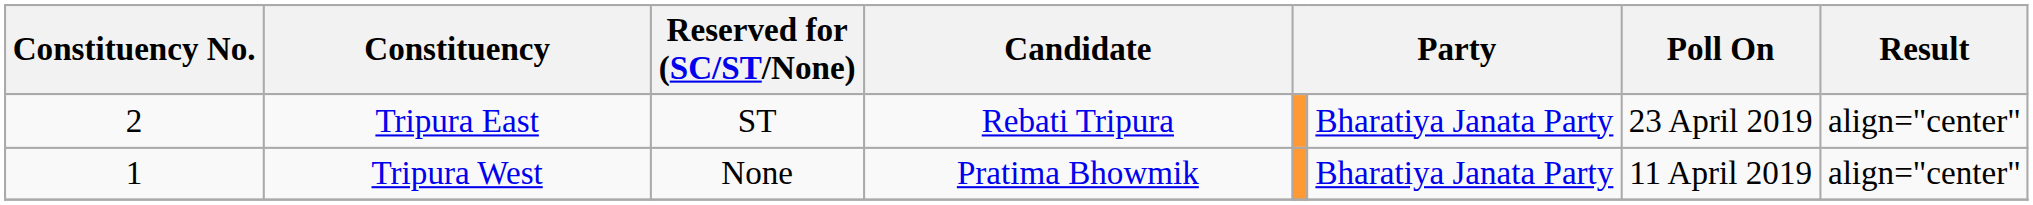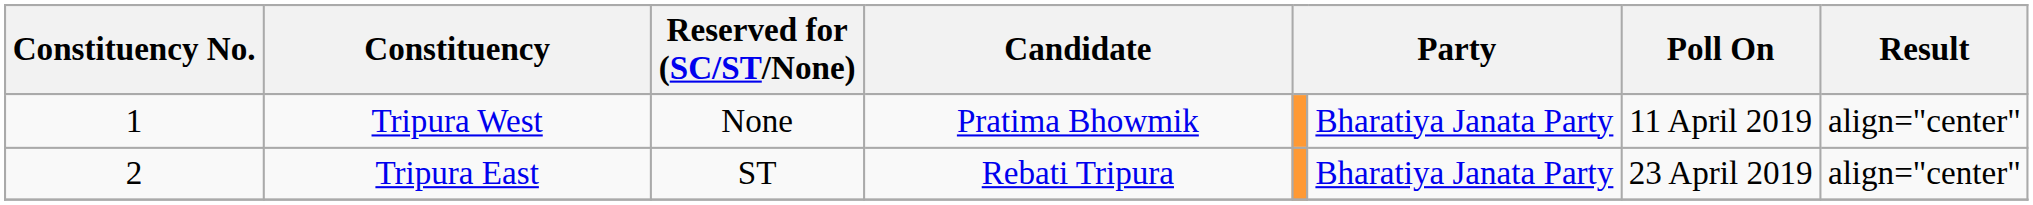 <table class="wikitable sortable" style="text-align:center;">
 <tr>
 <th>Constituency No.</th>
 <th style="width:180px;">Constituency</th>
 <th>Reserved for<br>(<a href='#'>SC/ST</a>/None)</th>
 <th style="width:200px;">Candidate</th>
 <th colspan="2">Party</th>
 <th>Poll On</th>
 <th>Result</th>
+</tr>
+<tr>
+<td align="center">1</td>
+<td><a href='#'>Tripura West</a></td>
+<td align="center">None</td>
+<td><a href='#'>Pratima Bhowmik</a></td>
+<td bgcolor=#FF9933></td>
+<td><a href='#'>Bharatiya Janata Party</a></td>
+<td align="center">11 April 2019</td>
+<td>align="center" </td>
 </tr>
 <tr>
 <td align="center">2</td>
 <td><a href='#'>Tripura East</a></td>
 <td align="center">ST</td>
 <td><a href='#'>Rebati Tripura</a></td>
 <td bgcolor=#FF9933></td>
 <td><a href='#'>Bharatiya Janata Party</a></td>
 <td align="center">23 April 2019</td>
 <td>align="center" </td>
 </tr>
 <tr>
-<td align="center">1</td>
-<td><a href='#'>Tripura West</a></td>
-<td align="center">None</td>
-<td><a href='#'>Pratima Bhowmik</a></td>
-<td bgcolor=#FF9933></td>
-<td><a href='#'>Bharatiya Janata Party</a></td>
-<td align="center">11 April 2019</td>
-<td>align="center" </td>
-</tr>
-<tr>
 </tr>
 </table>
